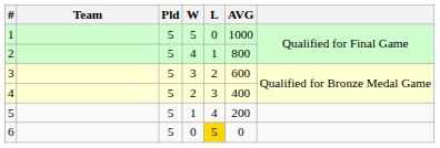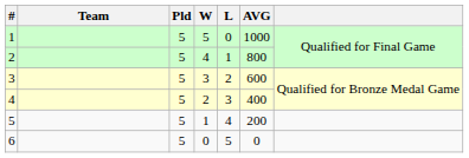 <table class="wikitable" style="text-align:center;">
 <tr>
 <th>#</th>
 <th width=175>Team</th>
 <th width=20 abbr="Played">Pld</th>
 <th width=20 abbr="Won">W</th>
 <th width=20 abbr="Lost">L</th>
 <th width=30 abbr="Average">AVG</th>
 <th></th>
 </tr>
 <tr style="background:#ccffcc">
 <td>1</td>
 <td align=left></td>
 <td>5</td>
 <td>5</td>
 <td>0</td>
 <td>1000</td>
 <td rowspan="2">Qualified for Final Game</td>
 </tr>
 <tr style="background:#ccffcc">
 <td>2</td>
 <td align=left></td>
 <td>5</td>
 <td>4</td>
 <td>1</td>
 <td>800</td>
 </tr>
 <tr style="background:#ffffd0">
 <td>3</td>
 <td align=left></td>
 <td>5</td>
 <td>3</td>
 <td>2</td>
 <td>600</td>
 <td rowspan="2">Qualified for Bronze Medal Game</td>
 </tr>
 <tr style="background:#ffffd0">
 <td>4</td>
 <td align=left></td>
 <td>5</td>
 <td>2</td>
 <td>3</td>
 <td>400</td>
 </tr>
 <tr>
 <td>5</td>
 <td align=left></td>
 <td>5</td>
 <td>1</td>
 <td>4</td>
 <td>200</td>
 <td></td>
 </tr>
 <tr>
 <td>6</td>
 <td align=left></td>
 <td>5</td>
 <td>0</td>
-<td style="background: gold;">5</td>
+<td>5</td>
 <td>0</td>
 <td></td>
 </tr>
 </table>
